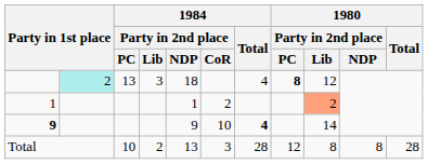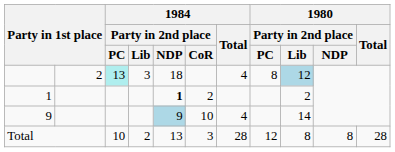 <table class="wikitable" style="text-align:right;">
 <tr>
 <th rowspan="3" colspan="2" style="text-align:left;">Party in 1st place</th>
 <th colspan="5">1984</th>
 <th colspan="4">1980</th>
 </tr>
 <tr>
 <th colspan="4">Party in 2nd place</th>
 <th rowspan="2">Total</th>
 <th colspan="3">Party in 2nd place</th>
 <th rowspan="2">Total</th>
 </tr>
 <tr>
 <th>PC</th>
 <th>Lib</th>
 <th>NDP</th>
 <th>CoR</th>
 <th>PC</th>
 <th>Lib</th>
 <th>NDP</th>
 </tr>
 <tr>
 <td></td>
-<td style="background: paleturquoise;">2</td>
-<td>13</td>
+<td>2</td>
+<td style="background: paleturquoise;">13</td>
 <td>3</td>
 <td>18</td>
 <td></td>
 <td>4</td>
-<td><strong>8</strong></td>
-<td>12</td>
+<td>8</td>
+<td style="background: lightblue;">12</td>
 </tr>
 <tr>
 <td>1</td>
 <td></td>
 <td></td>
 <td></td>
-<td>1</td>
+<td><strong>1</strong></td>
 <td>2</td>
 <td></td>
 <td></td>
-<td style="background: lightsalmon;">2</td>
+<td>2</td>
 </tr>
 <tr>
-<td><strong>9</strong></td>
+<td>9</td>
 <td></td>
 <td></td>
 <td></td>
-<td>9</td>
+<td style="background: lightblue;">9</td>
 <td>10</td>
-<td><strong>4</strong></td>
+<td>4</td>
 <td></td>
 <td>14</td>
 </tr>
 <tr>
 <td colspan="2" style="text-align:left;">Total</td>
 <td>10</td>
 <td>2</td>
 <td>13</td>
 <td>3</td>
 <td>28</td>
 <td>12</td>
 <td>8</td>
 <td>8</td>
 <td>28</td>
 </tr>
 </table>
